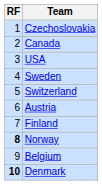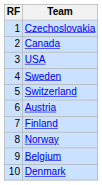 <table class="wikitable">
 <tr>
 <th>RF</th>
 <th>Team</th>
 </tr>
 <tr bgcolor="#CAE1FF" align="right">
 <td>1</td>
 <td align="left"> <a href='#'>Czechoslovakia</a></td>
 </tr>
 <tr bgcolor="#CAE1FF" align="right">
 <td>2</td>
 <td align="left"> <a href='#'>Canada</a></td>
 </tr>
 <tr bgcolor="#CAE1FF" align="right">
 <td>3</td>
 <td align="left"> <a href='#'>USA</a></td>
 </tr>
 <tr bgcolor="#CAE1FF" align="right">
 <td>4</td>
 <td align="left"> <a href='#'>Sweden</a></td>
 </tr>
 <tr bgcolor="#CAE1FF" align="right">
 <td>5</td>
 <td align="left"> <a href='#'>Switzerland</a></td>
 </tr>
 <tr bgcolor="#CAE1FF" align="right">
 <td>6</td>
 <td align="left"> <a href='#'>Austria</a></td>
 </tr>
 <tr bgcolor="#CAE1FF" align="right">
 <td>7</td>
 <td align="left"> <a href='#'>Finland</a></td>
 </tr>
 <tr bgcolor="#CAE1FF" align="right">
-<td><strong>8</strong></td>
+<td>8</td>
 <td align="left"> <a href='#'>Norway</a></td>
 </tr>
 <tr bgcolor="#CAE1FF" align="right">
 <td>9</td>
 <td align="left"> <a href='#'>Belgium</a></td>
 </tr>
 <tr bgcolor="#CAE1FF" align="right">
-<td><strong>10</strong></td>
+<td>10</td>
 <td align="left"> <a href='#'>Denmark</a></td>
 </tr>
 </table>
